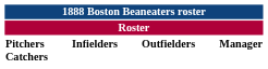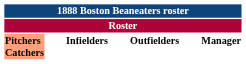 <table class="toccolours" style="font-size: 95%;">
 <tr>
 <th colspan="10" style="background-color: #0f437c; color: white; text-align: center;">1888 Boston Beaneaters roster</th>
 </tr>
 <tr>
 <td colspan="10" style="background-color: #af0039; color: white; text-align: center;"><strong>Roster</strong></td>
 </tr>
 <tr>
-<td valign="top"><strong>Pitchers</strong><br>     <strong>Catchers</strong>    </td>
+<td valign="top" style="background: lightsalmon;"><strong>Pitchers</strong><br>     <strong>Catchers</strong>    </td>
 <td width="25px"></td>
 <td valign="top"><strong>Infielders</strong><br>        </td>
 <td width="25px"></td>
 <td valign="top"><strong>Outfielders</strong><br>     </td>
 <td width="25px"></td>
 <td valign="top"><strong>Manager</strong><br></td>
 </tr>
 </table>
